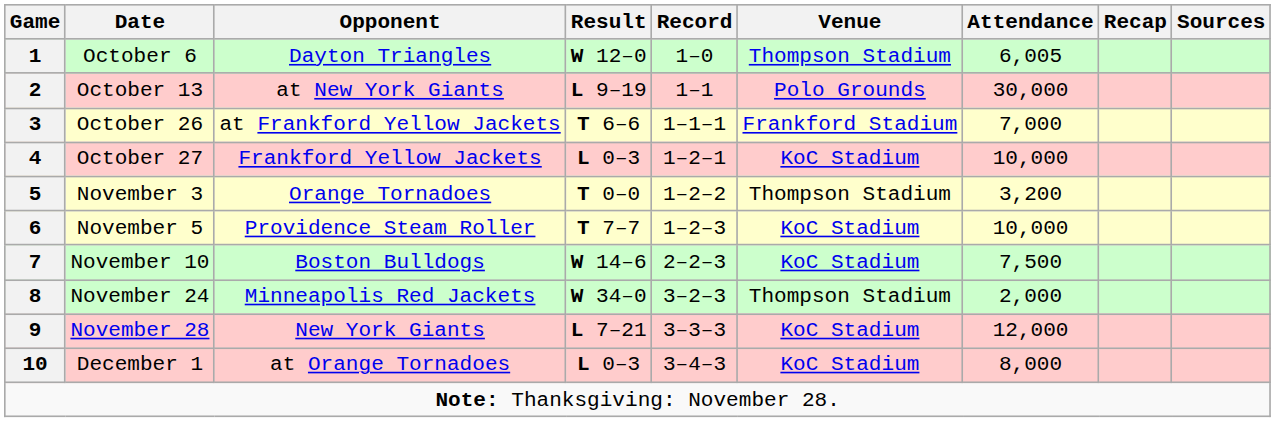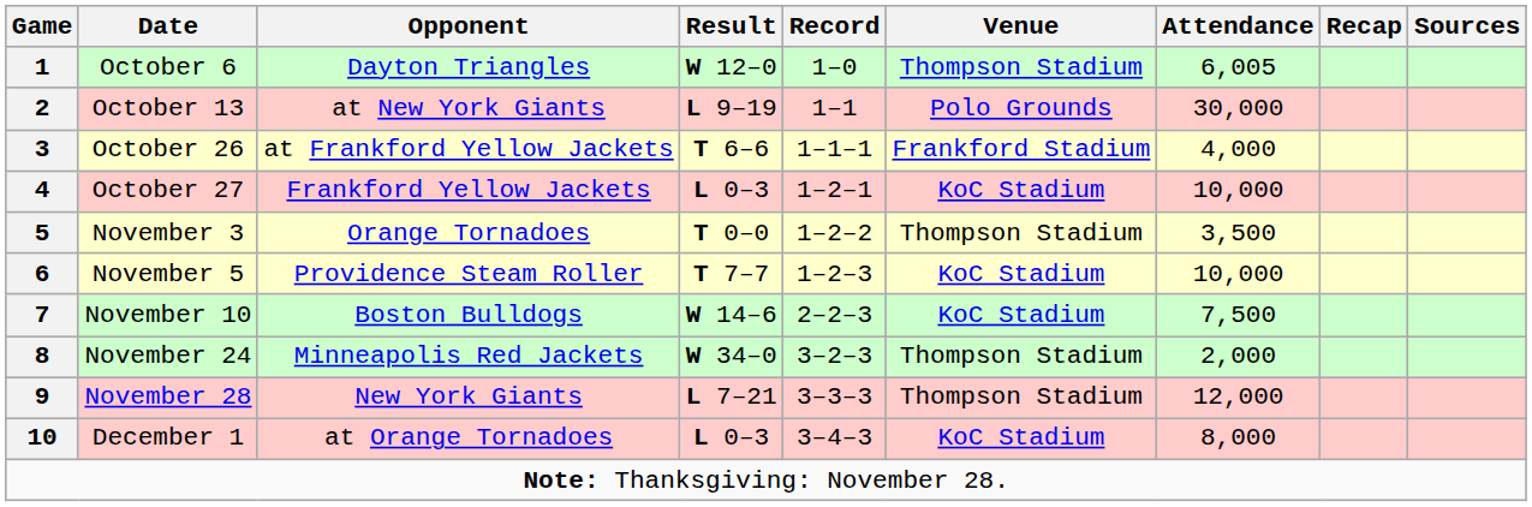 <table class="wikitable" style="text-align:center">
 <tr>
 <th>Game</th>
 <th>Date</th>
 <th>Opponent</th>
 <th>Result</th>
 <th>Record</th>
 <th>Venue</th>
 <th>Attendance</th>
 <th>Recap</th>
 <th>Sources</th>
 </tr>
 <tr style="background:#cfc">
 <th>1</th>
 <td>October 6</td>
 <td><a href='#'>Dayton Triangles</a></td>
 <td><strong>W</strong> 12–0</td>
 <td>1–0</td>
 <td><a href='#'>Thompson Stadium</a></td>
 <td>6,005</td>
 <td></td>
 <td></td>
 </tr>
 <tr style="background:#fcc">
 <th>2</th>
 <td>October 13</td>
 <td>at <a href='#'>New York Giants</a></td>
 <td><strong>L</strong> 9–19</td>
 <td>1–1</td>
 <td><a href='#'>Polo Grounds</a></td>
 <td>30,000</td>
 <td></td>
 <td></td>
 </tr>
 <tr style="background:#ffc">
 <th>3</th>
 <td>October 26</td>
 <td>at <a href='#'>Frankford Yellow Jackets</a></td>
 <td><strong>T</strong> 6–6</td>
 <td>1–1–1</td>
 <td><a href='#'>Frankford Stadium</a></td>
-<td>7,000</td>
+<td>4,000</td>
 <td></td>
 <td></td>
 </tr>
 <tr style="background:#fcc">
 <th>4</th>
 <td>October 27</td>
 <td><a href='#'>Frankford Yellow Jackets</a></td>
 <td><strong>L</strong> 0–3</td>
 <td>1–2–1</td>
 <td><a href='#'>KoC Stadium</a></td>
 <td>10,000</td>
 <td></td>
 <td></td>
 </tr>
 <tr style="background:#ffc">
 <th>5</th>
 <td>November 3</td>
 <td><a href='#'>Orange Tornadoes</a></td>
 <td><strong>T</strong> 0–0</td>
 <td>1–2–2</td>
 <td>Thompson Stadium</td>
-<td>3,200</td>
+<td>3,500</td>
 <td></td>
 <td></td>
 </tr>
 <tr style="background:#ffc">
 <th>6</th>
 <td>November 5</td>
 <td><a href='#'>Providence Steam Roller</a></td>
 <td><strong>T</strong> 7–7</td>
 <td>1–2–3</td>
 <td><a href='#'>KoC Stadium</a></td>
 <td>10,000</td>
 <td></td>
 <td></td>
 </tr>
 <tr style="background:#cfc">
 <th>7</th>
 <td>November 10</td>
 <td><a href='#'>Boston Bulldogs</a></td>
 <td><strong>W</strong> 14–6</td>
 <td>2–2–3</td>
 <td><a href='#'>KoC Stadium</a></td>
 <td>7,500</td>
 <td></td>
 <td></td>
 </tr>
 <tr style="background:#cfc">
 <th>8</th>
 <td>November 24</td>
 <td><a href='#'>Minneapolis Red Jackets</a></td>
 <td><strong>W</strong> 34–0</td>
 <td>3–2–3</td>
 <td>Thompson Stadium</td>
 <td>2,000</td>
 <td></td>
 <td></td>
 </tr>
 <tr style="background:#fcc">
 <th>9</th>
 <td><a href='#'>November 28</a></td>
 <td><a href='#'>New York Giants</a></td>
 <td><strong>L</strong> 7–21</td>
 <td>3–3–3</td>
-<td><a href='#'>KoC Stadium</a></td>
+<td>Thompson Stadium</td>
 <td>12,000</td>
 <td></td>
 <td></td>
 </tr>
 <tr style="background:#fcc">
 <th>10</th>
 <td>December 1</td>
 <td>at <a href='#'>Orange Tornadoes</a></td>
 <td><strong>L</strong> 0–3</td>
 <td>3–4–3</td>
 <td><a href='#'>KoC Stadium</a></td>
 <td>8,000</td>
 <td></td>
 <td></td>
 </tr>
 <tr>
 <td colspan="10"><strong>Note:</strong> Thanksgiving: November 28.</td>
 </tr>
 </table>
